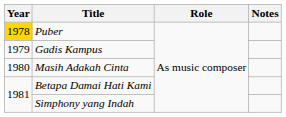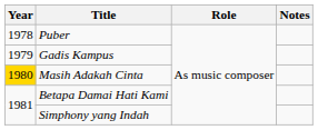 <table class="wikitable">
 <tr>
 <th>Year</th>
 <th>Title</th>
 <th>Role</th>
 <th>Notes</th>
 </tr>
 <tr>
-<td style="background: gold;">1978</td>
+<td>1978</td>
 <td><em>Puber</em></td>
 <td rowspan="5">As music composer</td>
 <td></td>
 </tr>
 <tr>
 <td>1979</td>
 <td><em>Gadis Kampus</em></td>
 <td></td>
 </tr>
 <tr>
-<td>1980</td>
+<td style="background: gold;">1980</td>
 <td><em>Masih Adakah Cinta</em></td>
 <td></td>
 </tr>
 <tr>
 <td rowspan="2">1981</td>
 <td><em>Betapa Damai Hati Kami</em></td>
 <td></td>
 </tr>
 <tr>
 <td><em>Simphony yang Indah</em></td>
 <td></td>
 </tr>
 </table>
